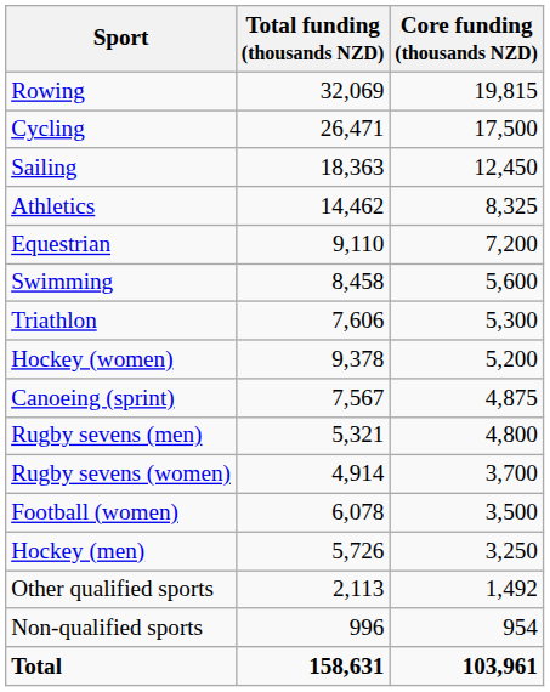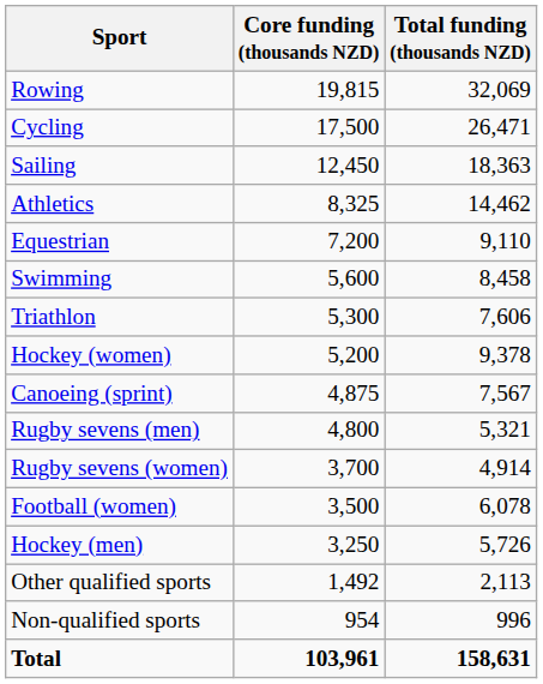 <table class="wikitable sortable" style="font-size:90%;text-align:right">
 <tr>
 <th>Sport</th>
+<th>Core funding<br><small>(thousands NZD)</small></th>
 <th>Total funding<br><small>(thousands NZD)</small></th>
-<th>Core funding<br><small>(thousands NZD)</small></th>
 </tr>
 <tr>
 <td style="text-align:left;"><a href='#'>Rowing</a></td>
+<td>19,815</td>
 <td>32,069</td>
-<td>19,815</td>
 </tr>
 <tr>
 <td style="text-align:left;"><a href='#'>Cycling</a></td>
+<td>17,500</td>
 <td>26,471</td>
-<td>17,500</td>
 </tr>
 <tr>
 <td style="text-align:left;"><a href='#'>Sailing</a></td>
+<td>12,450</td>
 <td>18,363</td>
-<td>12,450</td>
 </tr>
 <tr>
 <td style="text-align:left;"><a href='#'>Athletics</a></td>
+<td>8,325</td>
 <td>14,462</td>
-<td>8,325</td>
 </tr>
 <tr>
 <td style="text-align:left;"><a href='#'>Equestrian</a></td>
+<td>7,200</td>
 <td>9,110</td>
-<td>7,200</td>
 </tr>
 <tr>
 <td style="text-align:left;"><a href='#'>Swimming</a></td>
+<td>5,600</td>
 <td>8,458</td>
-<td>5,600</td>
 </tr>
 <tr>
 <td style="text-align:left;"><a href='#'>Triathlon</a></td>
+<td>5,300</td>
 <td>7,606</td>
-<td>5,300</td>
 </tr>
 <tr>
 <td style="text-align:left;"><a href='#'>Hockey (women)</a></td>
+<td>5,200</td>
 <td>9,378</td>
-<td>5,200</td>
 </tr>
 <tr>
 <td style="text-align:left;"><a href='#'>Canoeing (sprint)</a></td>
+<td>4,875</td>
 <td>7,567</td>
-<td>4,875</td>
 </tr>
 <tr>
 <td style="text-align:left;"><a href='#'>Rugby sevens (men)</a></td>
+<td>4,800</td>
 <td>5,321</td>
-<td>4,800</td>
 </tr>
 <tr>
 <td style="text-align:left;"><a href='#'>Rugby sevens (women)</a></td>
+<td>3,700</td>
 <td>4,914</td>
-<td>3,700</td>
 </tr>
 <tr>
 <td style="text-align:left;"><a href='#'>Football (women)</a></td>
+<td>3,500</td>
 <td>6,078</td>
-<td>3,500</td>
 </tr>
 <tr>
 <td style="text-align:left;"><a href='#'>Hockey (men)</a></td>
+<td>3,250</td>
 <td>5,726</td>
-<td>3,250</td>
 </tr>
 <tr>
 <td style="text-align:left;">Other qualified sports</td>
+<td>1,492</td>
 <td>2,113</td>
-<td>1,492</td>
 </tr>
 <tr>
 <td style="text-align:left;">Non-qualified sports</td>
+<td>954</td>
 <td>996</td>
-<td>954</td>
 </tr>
 <tr class="sortbottom">
 <td style="text-align:left;"><strong>Total</strong></td>
+<td><strong>103,961</strong></td>
 <td><strong>158,631</strong></td>
-<td><strong>103,961</strong></td>
 </tr>
 </table>
